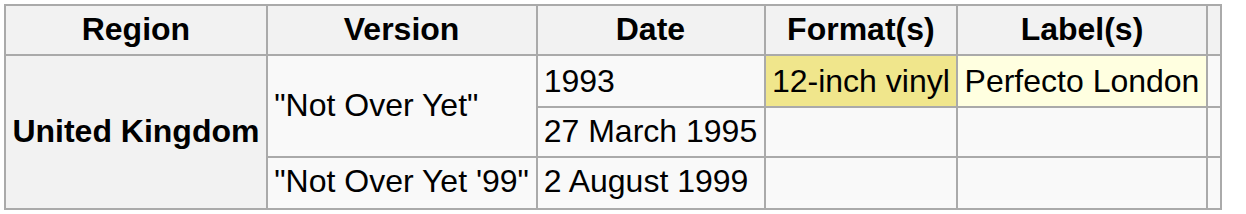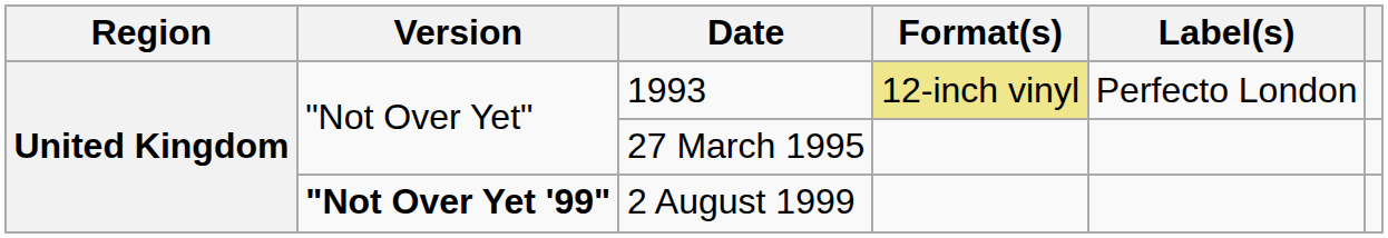 <table class="wikitable plainrowheaders">
 <tr>
 <th scope="col">Region</th>
 <th scope="col">Version</th>
 <th scope="col">Date</th>
 <th scope="col">Format(s)</th>
 <th scope="col">Label(s)</th>
 <th scope="col"></th>
 </tr>
 <tr>
 <th scope="row" rowspan="3">United Kingdom</th>
 <td rowspan="2">"Not Over Yet"</td>
 <td>1993</td>
 <td style="background: khaki;">12-inch vinyl</td>
-<td style="background: lightyellow;">Perfecto London</td>
+<td>Perfecto London</td>
 <td align="center"></td>
 </tr>
 <tr>
 <td>27 March 1995</td>
 <td></td>
 <td></td>
 <td align="center"></td>
 </tr>
 <tr>
-<td>"Not Over Yet '99"</td>
+<td><strong>"Not Over Yet '99"</strong></td>
 <td>2 August 1999</td>
 <td></td>
 <td></td>
 <td align="center"></td>
 </tr>
 </table>
